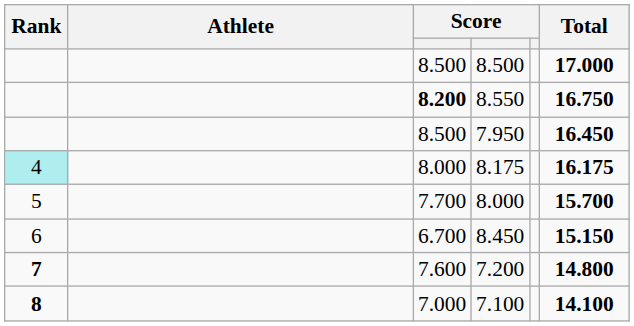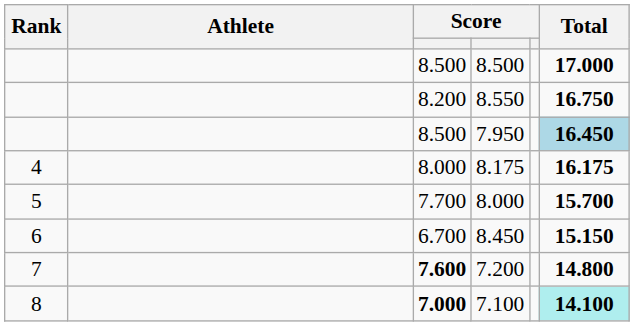 <table class=wikitable style="text-align:center">
 <tr>
 <th width="40" rowspan="2">Rank</th>
 <th width="250" rowspan="2">Athlete</th>
 <th width="60" colspan="3">Score</th>
 <th width="60" rowspan="2">Total</th>
 </tr>
 <tr>
 <th></th>
 <th></th>
 <th></th>
 </tr>
 <tr>
 <td></td>
 <td align="left"></td>
 <td>8.500</td>
 <td>8.500</td>
 <td></td>
 <td><strong>17.000</strong></td>
 </tr>
 <tr>
 <td></td>
 <td align="left"></td>
-<td><strong>8.200</strong></td>
+<td>8.200</td>
 <td>8.550</td>
 <td></td>
 <td><strong>16.750</strong></td>
 </tr>
 <tr>
 <td></td>
 <td align="left"></td>
 <td>8.500</td>
 <td>7.950</td>
 <td></td>
-<td><strong>16.450</strong></td>
+<td style="background: lightblue;"><strong>16.450</strong></td>
 </tr>
 <tr>
-<td style="background: paleturquoise;">4</td>
+<td>4</td>
 <td align="left"></td>
 <td>8.000</td>
 <td>8.175</td>
 <td></td>
 <td><strong>16.175</strong></td>
 </tr>
 <tr>
 <td>5</td>
 <td align="left"></td>
 <td>7.700</td>
 <td>8.000</td>
 <td></td>
 <td><strong>15.700</strong></td>
 </tr>
 <tr>
 <td>6</td>
 <td align="left"></td>
 <td>6.700</td>
 <td>8.450</td>
 <td></td>
 <td><strong>15.150</strong></td>
 </tr>
 <tr>
-<td><strong>7</strong></td>
+<td>7</td>
 <td align="left"></td>
-<td>7.600</td>
+<td><strong>7.600</strong></td>
 <td>7.200</td>
 <td></td>
 <td><strong>14.800</strong></td>
 </tr>
 <tr>
-<td><strong>8</strong></td>
+<td>8</td>
 <td align="left"></td>
-<td>7.000</td>
+<td><strong>7.000</strong></td>
 <td>7.100</td>
 <td></td>
-<td><strong>14.100</strong></td>
+<td style="background: paleturquoise;"><strong>14.100</strong></td>
 </tr>
 </table>
